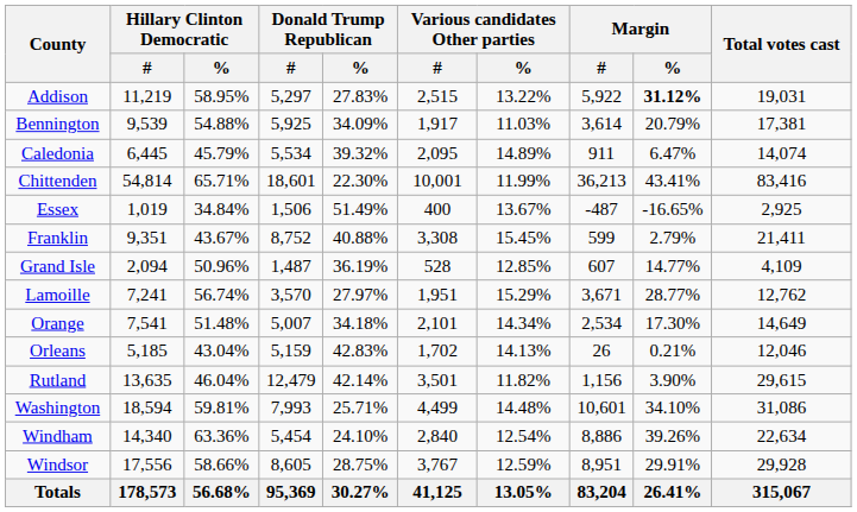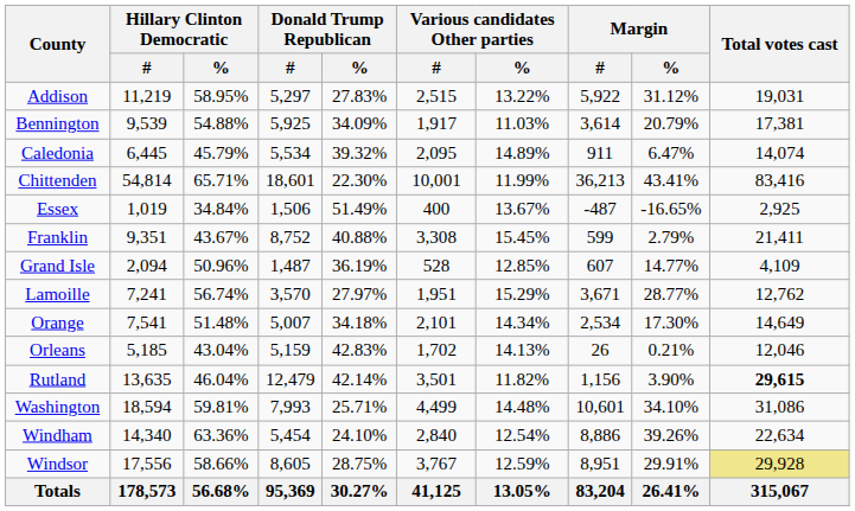 <table width="60%"  class="wikitable sortable" style="text-align:center">
 <tr>
 <th style="text-align:center;" rowspan="2">County</th>
 <th style="text-align:center;" colspan="2">Hillary Clinton<br>Democratic</th>
 <th style="text-align:center;" colspan="2">Donald Trump<br>Republican</th>
 <th style="text-align:center;" colspan="2">Various candidates<br>Other parties</th>
 <th style="text-align:center;" colspan="2">Margin</th>
 <th style="text-align:center;" rowspan="2">Total votes cast</th>
 </tr>
 <tr>
 <th style="text-align:center;" data-sort-type="number">#</th>
 <th style="text-align:center;" data-sort-type="number">%</th>
 <th style="text-align:center;" data-sort-type="number">#</th>
 <th style="text-align:center;" data-sort-type="number">%</th>
 <th style="text-align:center;" data-sort-type="number">#</th>
 <th style="text-align:center;" data-sort-type="number">%</th>
 <th style="text-align:center;" data-sort-type="number">#</th>
 <th style="text-align:center;" data-sort-type="number">%</th>
 </tr>
 <tr style="text-align:center;">
 <td><a href='#'>Addison</a></td>
 <td>11,219</td>
 <td>58.95%</td>
 <td>5,297</td>
 <td>27.83%</td>
 <td>2,515</td>
 <td>13.22%</td>
 <td>5,922</td>
-<td><strong>31.12%</strong></td>
+<td>31.12%</td>
 <td>19,031</td>
 </tr>
 <tr style="text-align:center;">
 <td><a href='#'>Bennington</a></td>
 <td>9,539</td>
 <td>54.88%</td>
 <td>5,925</td>
 <td>34.09%</td>
 <td>1,917</td>
 <td>11.03%</td>
 <td>3,614</td>
 <td>20.79%</td>
 <td>17,381</td>
 </tr>
 <tr style="text-align:center;">
 <td><a href='#'>Caledonia</a></td>
 <td>6,445</td>
 <td>45.79%</td>
 <td>5,534</td>
 <td>39.32%</td>
 <td>2,095</td>
 <td>14.89%</td>
 <td>911</td>
 <td>6.47%</td>
 <td>14,074</td>
 </tr>
 <tr style="text-align:center;">
 <td><a href='#'>Chittenden</a></td>
 <td>54,814</td>
 <td>65.71%</td>
 <td>18,601</td>
 <td>22.30%</td>
 <td>10,001</td>
 <td>11.99%</td>
 <td>36,213</td>
 <td>43.41%</td>
 <td>83,416</td>
 </tr>
 <tr style="text-align:center;">
 <td><a href='#'>Essex</a></td>
 <td>1,019</td>
 <td>34.84%</td>
 <td>1,506</td>
 <td>51.49%</td>
 <td>400</td>
 <td>13.67%</td>
 <td>-487</td>
 <td>-16.65%</td>
 <td>2,925</td>
 </tr>
 <tr style="text-align:center;">
 <td><a href='#'>Franklin</a></td>
 <td>9,351</td>
 <td>43.67%</td>
 <td>8,752</td>
 <td>40.88%</td>
 <td>3,308</td>
 <td>15.45%</td>
 <td>599</td>
 <td>2.79%</td>
 <td>21,411</td>
 </tr>
 <tr style="text-align:center;">
 <td><a href='#'>Grand Isle</a></td>
 <td>2,094</td>
 <td>50.96%</td>
 <td>1,487</td>
 <td>36.19%</td>
 <td>528</td>
 <td>12.85%</td>
 <td>607</td>
 <td>14.77%</td>
 <td>4,109</td>
 </tr>
 <tr style="text-align:center;">
 <td><a href='#'>Lamoille</a></td>
 <td>7,241</td>
 <td>56.74%</td>
 <td>3,570</td>
 <td>27.97%</td>
 <td>1,951</td>
 <td>15.29%</td>
 <td>3,671</td>
 <td>28.77%</td>
 <td>12,762</td>
 </tr>
 <tr style="text-align:center;">
 <td><a href='#'>Orange</a></td>
 <td>7,541</td>
 <td>51.48%</td>
 <td>5,007</td>
 <td>34.18%</td>
 <td>2,101</td>
 <td>14.34%</td>
 <td>2,534</td>
 <td>17.30%</td>
 <td>14,649</td>
 </tr>
 <tr style="text-align:center;">
 <td><a href='#'>Orleans</a></td>
 <td>5,185</td>
 <td>43.04%</td>
 <td>5,159</td>
 <td>42.83%</td>
 <td>1,702</td>
 <td>14.13%</td>
 <td>26</td>
 <td>0.21%</td>
 <td>12,046</td>
 </tr>
 <tr style="text-align:center;">
 <td><a href='#'>Rutland</a></td>
 <td>13,635</td>
 <td>46.04%</td>
 <td>12,479</td>
 <td>42.14%</td>
 <td>3,501</td>
 <td>11.82%</td>
 <td>1,156</td>
 <td>3.90%</td>
-<td>29,615</td>
+<td><strong>29,615</strong></td>
 </tr>
 <tr style="text-align:center;">
 <td><a href='#'>Washington</a></td>
 <td>18,594</td>
 <td>59.81%</td>
 <td>7,993</td>
 <td>25.71%</td>
 <td>4,499</td>
 <td>14.48%</td>
 <td>10,601</td>
 <td>34.10%</td>
 <td>31,086</td>
 </tr>
 <tr style="text-align:center;">
 <td><a href='#'>Windham</a></td>
 <td>14,340</td>
 <td>63.36%</td>
 <td>5,454</td>
 <td>24.10%</td>
 <td>2,840</td>
 <td>12.54%</td>
 <td>8,886</td>
 <td>39.26%</td>
 <td>22,634</td>
 </tr>
 <tr style="text-align:center;">
 <td><a href='#'>Windsor</a></td>
 <td>17,556</td>
 <td>58.66%</td>
 <td>8,605</td>
 <td>28.75%</td>
 <td>3,767</td>
 <td>12.59%</td>
 <td>8,951</td>
 <td>29.91%</td>
-<td>29,928</td>
+<td style="background: khaki;">29,928</td>
 </tr>
 <tr>
 <th>Totals</th>
 <th>178,573</th>
 <th>56.68%</th>
 <th>95,369</th>
 <th>30.27%</th>
 <th>41,125</th>
 <th>13.05%</th>
 <th>83,204</th>
 <th>26.41%</th>
 <th>315,067</th>
 </tr>
 </table>
